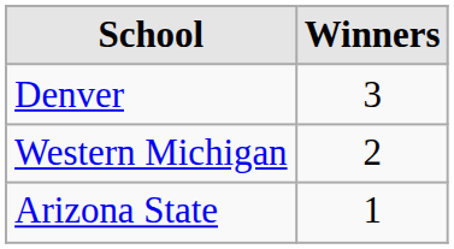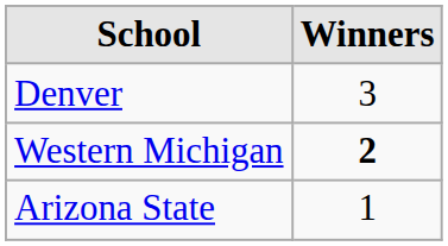 <table class="wikitable">
 <tr>
 <th style="background:#e5e5e5;">School</th>
 <th style="background:#e5e5e5;">Winners</th>
 </tr>
 <tr>
 <td><a href='#'>Denver</a></td>
 <td align=center>3</td>
 </tr>
 <tr>
 <td><a href='#'>Western Michigan</a></td>
-<td align=center>2</td>
+<td align=center><strong>2</strong></td>
 </tr>
 <tr>
 <td><a href='#'>Arizona State</a></td>
 <td align=center>1</td>
 </tr>
 </table>
